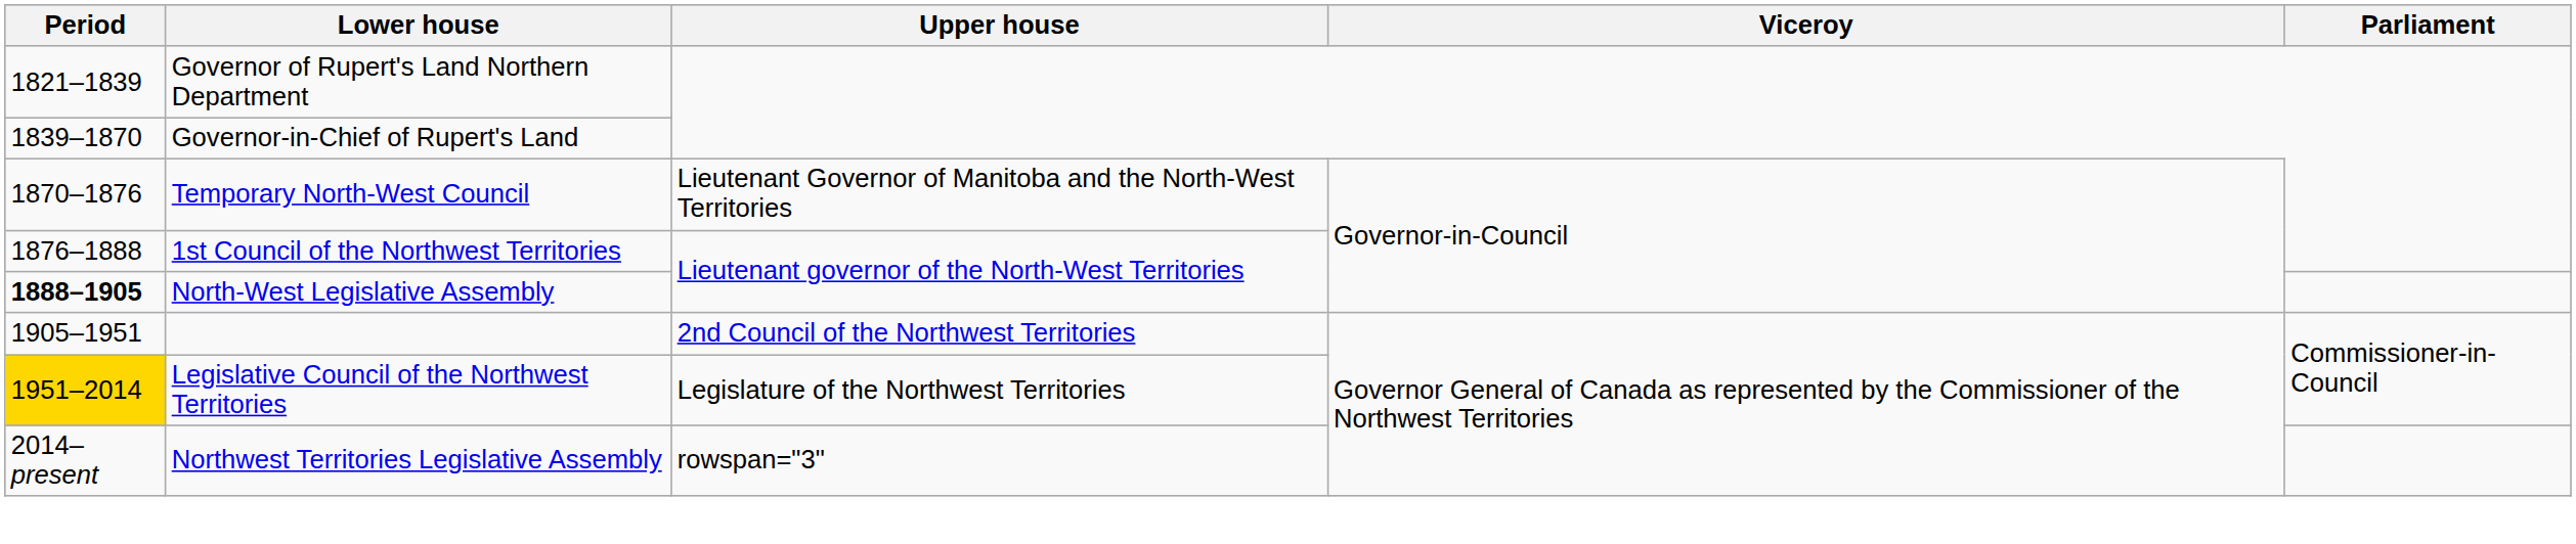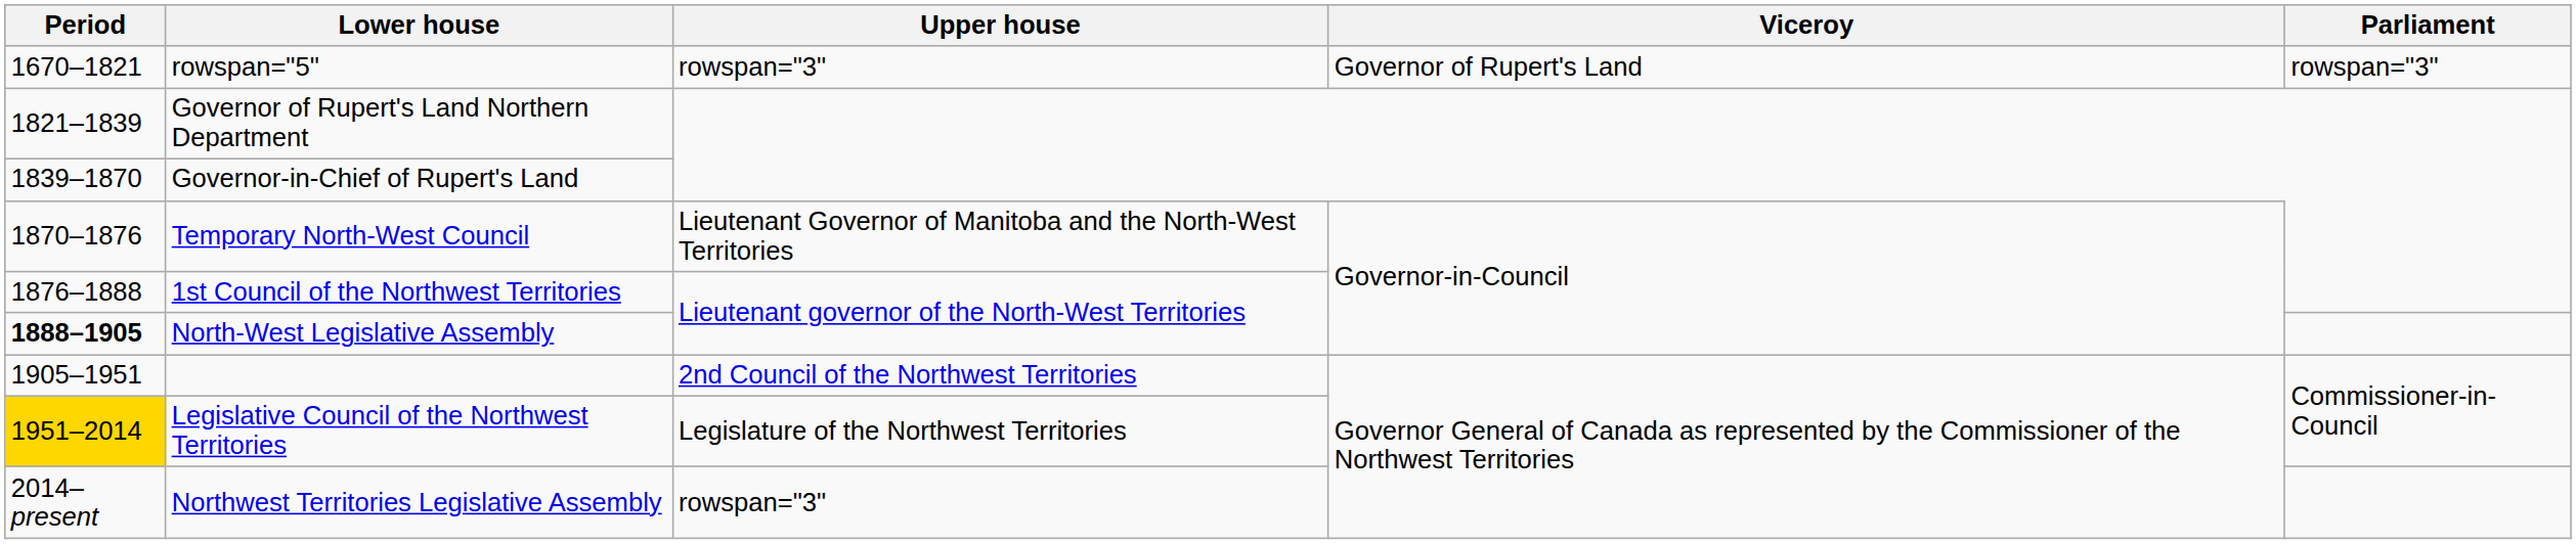 <table class="wikitable">
 <tr>
 <th>Period</th>
 <th>Lower house</th>
 <th>Upper house</th>
 <th>Viceroy</th>
 <th>Parliament</th>
+</tr>
+<tr>
+<td>1670–1821</td>
+<td>rowspan="5" </td>
+<td>rowspan="3" </td>
+<td>Governor of Rupert's Land</td>
+<td>rowspan="3" </td>
 </tr>
 <tr>
 <td>1821–1839</td>
 <td>Governor of Rupert's Land Northern Department</td>
 </tr>
 <tr>
 <td>1839–1870</td>
 <td>Governor-in-Chief of Rupert's Land</td>
 </tr>
 <tr>
 <td>1870–1876</td>
 <td><a href='#'>Temporary North-West Council</a></td>
 <td>Lieutenant Governor of Manitoba and the North-West Territories</td>
 <td rowspan="3">Governor-in-Council</td>
 </tr>
 <tr>
 <td>1876–1888</td>
 <td><a href='#'>1st Council of the Northwest Territories</a></td>
 <td rowspan="2"><a href='#'>Lieutenant governor of the North-West Territories</a></td>
 </tr>
 <tr>
 <td><strong>1888–1905</strong></td>
 <td><a href='#'>North-West Legislative Assembly</a></td>
 <td></td>
 </tr>
 <tr>
 <td>1905–1951</td>
 <td></td>
 <td><a href='#'>2nd Council of the Northwest Territories</a></td>
 <td rowspan="3">Governor General of Canada as represented by the Commissioner of the Northwest Territories</td>
 <td rowspan="2">Commissioner-in-Council</td>
 </tr>
 <tr>
 <td style="background: gold;">1951–2014</td>
 <td><a href='#'>Legislative Council of the Northwest Territories</a></td>
 <td>Legislature of the Northwest Territories</td>
 </tr>
 <tr>
 <td>2014–<em>present</em></td>
 <td><a href='#'>Northwest Territories Legislative Assembly</a></td>
 <td>rowspan="3" </td>
 </tr>
 </table>
